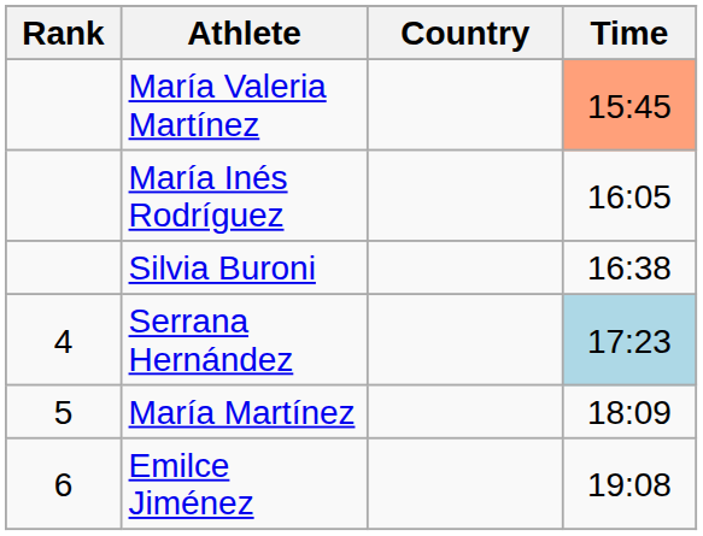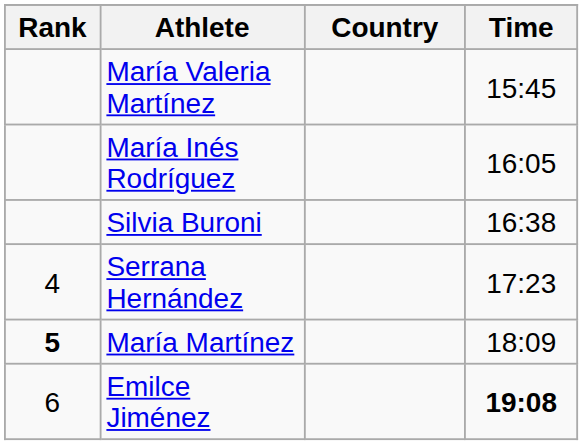 <table class="wikitable sortable" style=" text-align:center; font-size:95%;" width="50%">
 <tr>
 </tr>
 <tr>
 <th width=5%>Rank</th>
 <th width=20%>Athlete</th>
 <th width=15%>Country</th>
 <th width=10%>Time</th>
 </tr>
 <tr>
 <td align=center></td>
 <td align=left><a href='#'>María Valeria Martínez</a></td>
 <td align=left></td>
-<td style="background: lightsalmon;">15:45</td>
+<td>15:45</td>
 </tr>
 <tr>
 <td align=center></td>
 <td align=left><a href='#'>María Inés Rodríguez</a></td>
 <td align=left></td>
 <td>16:05</td>
 </tr>
 <tr>
 <td align=center></td>
 <td align=left><a href='#'>Silvia Buroni</a></td>
 <td align=left></td>
 <td>16:38</td>
 </tr>
 <tr>
 <td align=center>4</td>
 <td align=left><a href='#'>Serrana Hernández</a></td>
 <td align=left></td>
-<td style="background: lightblue;">17:23</td>
+<td>17:23</td>
 </tr>
 <tr>
-<td align=center>5</td>
+<td align=center><strong>5</strong></td>
 <td align=left><a href='#'>María Martínez</a></td>
 <td align=left></td>
 <td>18:09</td>
 </tr>
 <tr>
 <td align=center>6</td>
 <td align=left><a href='#'>Emilce Jiménez</a></td>
 <td align=left></td>
-<td>19:08</td>
+<td><strong>19:08</strong></td>
 </tr>
 </table>
